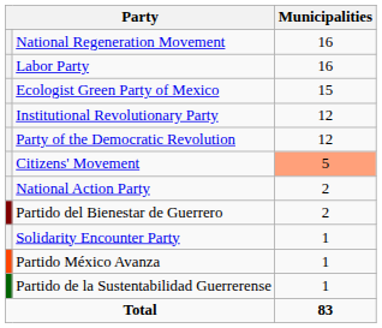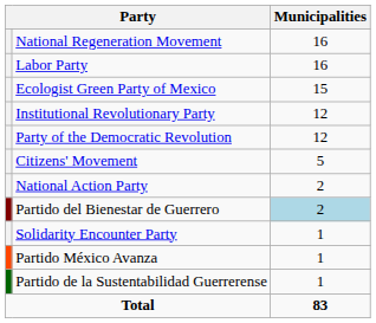 <table class="wikitable" style="text-align:center;">
 <tr>
 <th colspan="2">Party</th>
 <th>Municipalities</th>
 </tr>
 <tr>
 <th style="background-color:"></th>
 <td style="text-align:left;"><a href='#'>National Regeneration Movement</a></td>
 <td>16</td>
 </tr>
 <tr>
 <th style="background-color:"></th>
 <td style="text-align:left;"><a href='#'>Labor Party</a></td>
 <td>16</td>
 </tr>
 <tr>
 <th style="background-color:"></th>
 <td style="text-align:left;"><a href='#'>Ecologist Green Party of Mexico</a></td>
 <td>15</td>
 </tr>
 <tr>
 <th style="background-color:"></th>
 <td style="text-align:left;"><a href='#'>Institutional Revolutionary Party</a></td>
 <td>12</td>
 </tr>
 <tr>
 <th style="background-color:"></th>
 <td style="text-align:left;"><a href='#'>Party of the Democratic Revolution</a></td>
 <td>12</td>
 </tr>
 <tr>
 <th style="background-color:"></th>
 <td style="text-align:left;"><a href='#'>Citizens' Movement</a></td>
-<td style="background: lightsalmon;">5</td>
+<td>5</td>
 </tr>
 <tr>
 <th style="background-color:"></th>
 <td style="text-align:left;"><a href='#'>National Action Party</a></td>
 <td>2</td>
 </tr>
 <tr>
 <th style="background-color:#800000;"></th>
 <td style="text-align:left;">Partido del Bienestar de Guerrero</td>
-<td>2</td>
+<td style="background: lightblue;">2</td>
 </tr>
 <tr>
 <th style="background-color:"></th>
 <td style="text-align:left;"><a href='#'>Solidarity Encounter Party</a></td>
 <td>1</td>
 </tr>
 <tr>
 <th style="background-color:#ff4500;"></th>
 <td style="text-align:left;">Partido México Avanza</td>
 <td>1</td>
 </tr>
 <tr>
 <th style="background-color:#006400;"></th>
 <td style="text-align:left;">Partido de la Sustentabilidad Guerrerense</td>
 <td>1</td>
 </tr>
 <tr>
 <td colspan="2"><strong>Total</strong></td>
 <td><strong>83</strong></td>
 </tr>
 </table>
